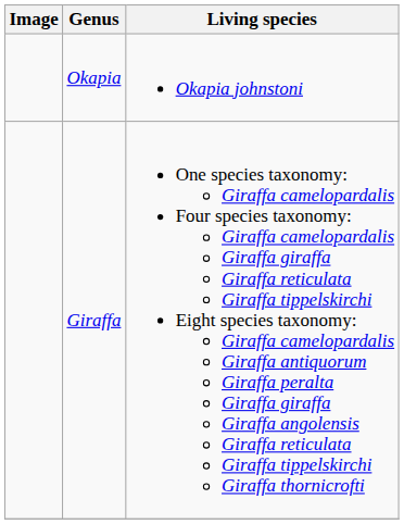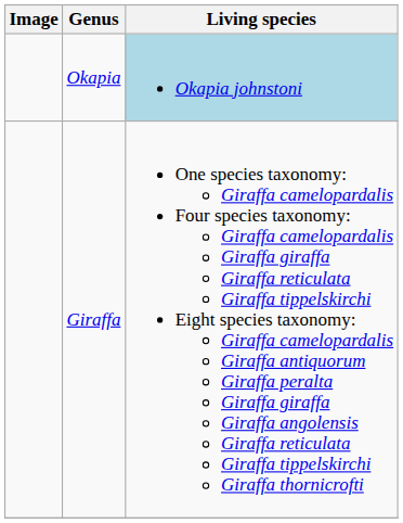 <table class="wikitable">
 <tr>
 <th>Image</th>
 <th>Genus</th>
 <th>Living species</th>
 </tr>
 <tr>
 <td></td>
 <td><em><a href='#'>Okapia</a></em></td>
-<td><br><ul><li><em><a href='#'>Okapia johnstoni</a></em></li></ul></td>
+<td style="background: lightblue;"><br><ul><li><em><a href='#'>Okapia johnstoni</a></em></li></ul></td>
 </tr>
 <tr>
 <td></td>
 <td><em><a href='#'>Giraffa</a></em></td>
 <td><br><ul><li>One species taxonomy:<ul><li><em><a href='#'>Giraffa camelopardalis</a></em></li></ul></li><li>Four species taxonomy:<ul><li><em><a href='#'>Giraffa camelopardalis</a></em></li><li><em><a href='#'>Giraffa giraffa</a></em></li><li><em><a href='#'>Giraffa reticulata</a></em></li><li><em><a href='#'>Giraffa tippelskirchi</a></em></li></ul></li><li>Eight species taxonomy:<ul><li><em><a href='#'>Giraffa camelopardalis</a></em></li><li><a href='#'><em>Giraffa antiquorum</em></a></li><li><a href='#'><em>Giraffa peralta</em></a></li><li><a href='#'><em>Giraffa giraffa</em></a></li><li><a href='#'><em>Giraffa angolensis</em></a></li><li><a href='#'><em>Giraffa reticulata</em></a></li><li><a href='#'><em>Giraffa tippelskirchi</em></a></li><li><a href='#'><em>Giraffa thornicrofti</em></a></li></ul></li></ul></td>
 </tr>
 <tr>
 </tr>
 </table>
